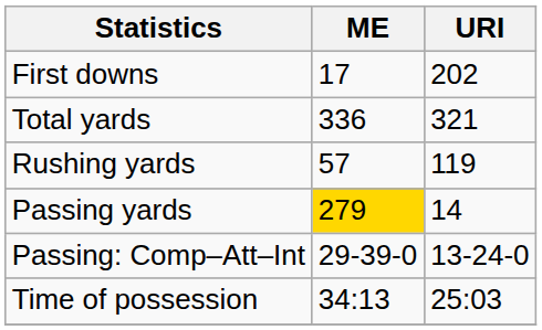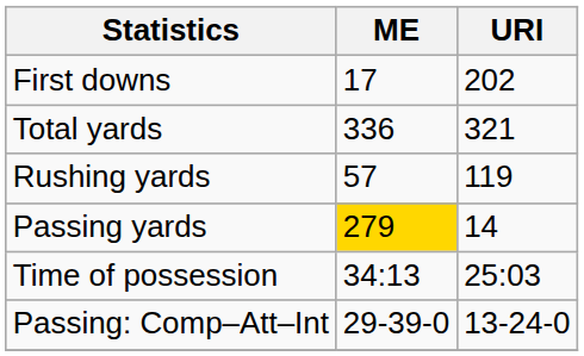 <table class="wikitable" style="float: left;">
 <tr>
 <th>Statistics</th>
 <th>ME</th>
 <th>URI</th>
 </tr>
 <tr>
 <td>First downs</td>
 <td>17</td>
 <td>202</td>
 </tr>
 <tr>
 <td>Total yards</td>
 <td>336</td>
 <td>321</td>
 </tr>
 <tr>
 <td>Rushing yards</td>
 <td>57</td>
 <td>119</td>
 </tr>
 <tr>
 <td>Passing yards</td>
 <td style="background: gold;">279</td>
 <td>14</td>
 </tr>
 <tr>
+<td>Time of possession</td>
+<td>34:13</td>
+<td>25:03</td>
+</tr>
+<tr>
 <td>Passing: Comp–Att–Int</td>
 <td>29-39-0</td>
 <td>13-24-0</td>
 </tr>
 <tr>
-<td>Time of possession</td>
-<td>34:13</td>
-<td>25:03</td>
-</tr>
-<tr>
 </tr>
 </table>
